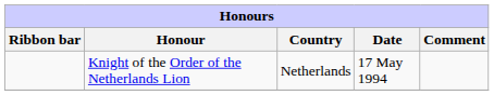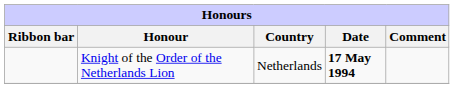 <table class="wikitable" style="width:60%;">
 <tr style="background:#ccf; text-align:center;">
 <td colspan=5><strong>Honours</strong></td>
 </tr>
 <tr>
 <th style="width:80px;">Ribbon bar</th>
 <th>Honour</th>
 <th>Country</th>
 <th>Date</th>
 <th>Comment</th>
 </tr>
 <tr>
 <td></td>
 <td><a href='#'>Knight</a> of the <a href='#'>Order of the Netherlands Lion</a></td>
 <td>Netherlands</td>
-<td>17 May 1994</td>
+<td><strong>17 May 1994</strong></td>
 <td></td>
 </tr>
 <tr>
 </tr>
 </table>
